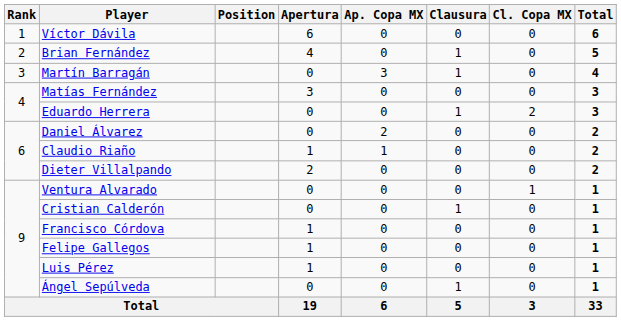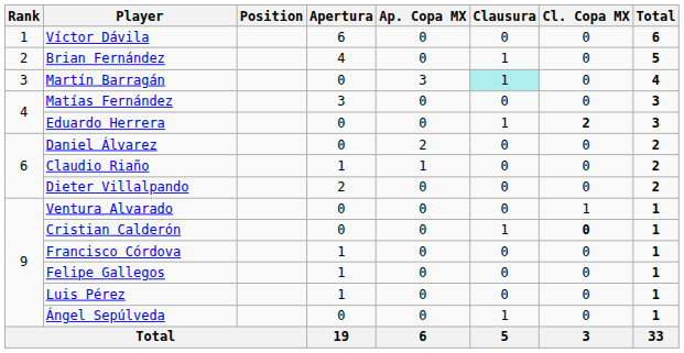 <table class="wikitable">
 <tr>
 <th>Rank</th>
 <th style="width:185px;">Player</th>
 <th>Position</th>
 <th>Apertura</th>
 <th>Ap. Copa MX</th>
 <th>Clausura</th>
 <th>Cl. Copa MX</th>
 <th>Total</th>
 </tr>
 <tr>
 <td align=center>1</td>
 <td> <a href='#'>Víctor Dávila</a></td>
 <td align=center></td>
 <td align=center>6</td>
 <td align=center>0</td>
 <td align=center>0</td>
 <td align=center>0</td>
 <td align=center><strong>6</strong></td>
 </tr>
 <tr>
 <td align=center>2</td>
 <td> <a href='#'>Brian Fernández</a></td>
 <td align=center></td>
 <td align=center>4</td>
 <td align=center>0</td>
 <td align=center>1</td>
 <td align=center>0</td>
 <td align=center><strong>5</strong></td>
 </tr>
 <tr>
 <td align=center>3</td>
 <td> <a href='#'>Martín Barragán</a></td>
 <td align=center></td>
 <td align=center>0</td>
 <td align=center>3</td>
-<td align=center>1</td>
+<td align=center style="background: paleturquoise;">1</td>
 <td align=center>0</td>
 <td align=center><strong>4</strong></td>
 </tr>
 <tr>
 <td align=center rowspan=2>4</td>
 <td> <a href='#'>Matías Fernández</a></td>
 <td align=center></td>
 <td align=center>3</td>
 <td align=center>0</td>
 <td align=center>0</td>
 <td align=center>0</td>
 <td align=center><strong>3</strong></td>
 </tr>
 <tr>
 <td> <a href='#'>Eduardo Herrera</a></td>
 <td align=center></td>
 <td align=center>0</td>
 <td align=center>0</td>
 <td align=center>1</td>
-<td align=center>2</td>
+<td align=center><strong>2</strong></td>
 <td align=center><strong>3</strong></td>
 </tr>
 <tr>
 <td align=center rowspan=3>6</td>
 <td> <a href='#'>Daniel Álvarez</a></td>
 <td align=center></td>
 <td align=center>0</td>
 <td align=center>2</td>
 <td align=center>0</td>
 <td align=center>0</td>
 <td align=center><strong>2</strong></td>
 </tr>
 <tr>
 <td> <a href='#'>Claudio Riaño</a></td>
 <td align=center></td>
 <td align=center>1</td>
 <td align=center>1</td>
 <td align=center>0</td>
 <td align=center>0</td>
 <td align=center><strong>2</strong></td>
 </tr>
 <tr>
 <td> <a href='#'>Dieter Villalpando</a></td>
 <td align=center></td>
 <td align=center>2</td>
 <td align=center>0</td>
 <td align=center>0</td>
 <td align=center>0</td>
 <td align=center><strong>2</strong></td>
 </tr>
 <tr>
 <td align=center rowspan=6>9</td>
 <td> <a href='#'>Ventura Alvarado</a></td>
 <td align=center></td>
 <td align=center>0</td>
 <td align=center>0</td>
 <td align=center>0</td>
 <td align=center>1</td>
 <td align=center><strong>1</strong></td>
 </tr>
 <tr>
 <td> <a href='#'>Cristian Calderón</a></td>
 <td align=center></td>
 <td align=center>0</td>
 <td align=center>0</td>
 <td align=center>1</td>
-<td align=center>0</td>
+<td align=center><strong>0</strong></td>
 <td align=center><strong>1</strong></td>
 </tr>
 <tr>
 <td> <a href='#'>Francisco Córdova</a></td>
 <td align=center></td>
 <td align=center>1</td>
 <td align=center>0</td>
 <td align=center>0</td>
 <td align=center>0</td>
 <td align=center><strong>1</strong></td>
 </tr>
 <tr>
 <td> <a href='#'>Felipe Gallegos</a></td>
 <td align=center></td>
 <td align=center>1</td>
 <td align=center>0</td>
 <td align=center>0</td>
 <td align=center>0</td>
 <td align=center><strong>1</strong></td>
 </tr>
 <tr>
 <td> <a href='#'>Luis Pérez</a></td>
 <td align=center></td>
 <td align=center>1</td>
 <td align=center>0</td>
 <td align=center>0</td>
 <td align=center>0</td>
 <td align=center><strong>1</strong></td>
 </tr>
 <tr>
 <td> <a href='#'>Ángel Sepúlveda</a></td>
 <td align=center></td>
 <td align=center>0</td>
 <td align=center>0</td>
 <td align=center>1</td>
 <td align=center>0</td>
 <td align=center><strong>1</strong></td>
 </tr>
 <tr>
 <th align=center colspan=3>Total</th>
 <th align=center>19</th>
 <th align=center>6</th>
 <th align=center>5</th>
 <th align=center>3</th>
 <th align=center>33</th>
 </tr>
 </table>
